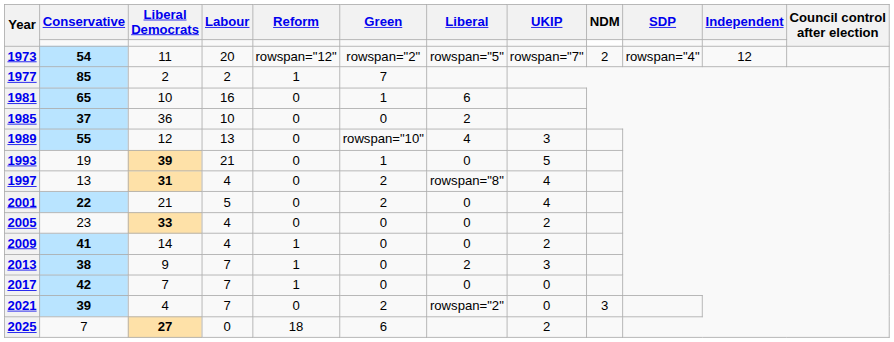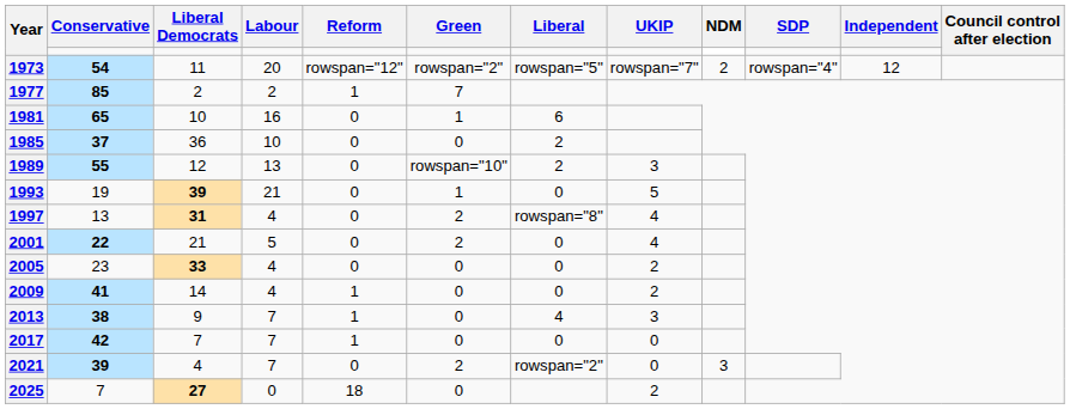 <table class="wikitable plainrowheaders" style="text-align:center">
 <tr>
 <th scope="col" rowspan="2">Year</th>
 <th scope="col"><a href='#'>Conservative</a></th>
 <th scope="col" style="width:1px"><a href='#'>Liberal Democrats</a></th>
 <th scope="col"><a href='#'>Labour</a></th>
 <th scope="col"><a href='#'>Reform</a></th>
 <th scope="col"><a href='#'>Green</a></th>
 <th scope="col"><a href='#'>Liberal</a></th>
 <th scope="col"><a href='#'>UKIP</a></th>
 <th scope="col">NDM</th>
 <th scope="col"><a href='#'>SDP</a></th>
 <th scope="col"><a href='#'>Independent</a></th>
 <th scope="col" rowspan="2" colspan="2">Council control<br>after election</th>
 </tr>
 <tr>
 <td style="background:"></td>
 <td style="background:"></td>
 <td style="background:"></td>
 <td style="background:"></td>
 <td style="background:"></td>
 <td style="background:"></td>
 <td style="background:"></td>
 <td style="background:white"></td>
 <td style="background:"></td>
 <td style="background:"></td>
 </tr>
 <tr>
 <th scope="row"><a href='#'>1973</a></th>
 <td style="background:#B9E4FF;"><strong>54</strong></td>
 <td>11</td>
 <td>20</td>
 <td>rowspan="12" </td>
 <td>rowspan="2" </td>
 <td>rowspan="5" </td>
 <td>rowspan="7" </td>
 <td>2</td>
 <td>rowspan="4" </td>
 <td>12</td>
 <td></td>
 </tr>
 <tr>
 <th scope="row"><a href='#'>1977</a></th>
 <td style="background:#B9E4FF;"><strong>85</strong></td>
 <td>2</td>
 <td>2</td>
 <td>1</td>
 <td>7</td>
 <td></td>
 </tr>
 <tr>
 <th scope="row"><a href='#'>1981</a></th>
 <td style="background:#B9E4FF;"><strong>65</strong></td>
 <td>10</td>
 <td>16</td>
 <td>0</td>
 <td>1</td>
 <td>6</td>
 <td></td>
 </tr>
 <tr>
 <th scope="row"><a href='#'>1985</a></th>
 <td style="background:#B9E4FF;"><strong>37</strong></td>
 <td>36</td>
 <td>10</td>
 <td>0</td>
 <td>0</td>
 <td>2</td>
 <td></td>
 </tr>
 <tr>
 <th scope="row"><a href='#'>1989</a></th>
 <td style="background:#B9E4FF;"><strong>55</strong></td>
 <td>12</td>
 <td>13</td>
 <td>0</td>
 <td>rowspan="10" </td>
-<td>4</td>
+<td>2</td>
 <td>3</td>
 <td></td>
 </tr>
 <tr>
 <th scope="row"><a href='#'>1993</a></th>
 <td>19</td>
 <td style="background:#FEE1A8"><strong>39</strong></td>
 <td>21</td>
 <td>0</td>
 <td>1</td>
 <td>0</td>
 <td>5</td>
 <td></td>
 </tr>
 <tr>
 <th scope="row"><a href='#'>1997</a></th>
 <td>13</td>
 <td style="background:#FEE1A8"><strong>31</strong></td>
 <td>4</td>
 <td>0</td>
 <td>2</td>
 <td>rowspan="8" </td>
 <td>4</td>
 <td></td>
 </tr>
 <tr>
 <th scope="row"><a href='#'>2001</a></th>
 <td style="background:#B9E4FF;"><strong>22</strong></td>
 <td>21</td>
 <td>5</td>
 <td>0</td>
 <td>2</td>
 <td>0</td>
 <td>4</td>
 <td></td>
 </tr>
 <tr>
 <th scope="row"><a href='#'>2005</a></th>
 <td>23</td>
 <td style="background:#FEE1A8"><strong>33</strong></td>
 <td>4</td>
 <td>0</td>
 <td>0</td>
 <td>0</td>
 <td>2</td>
 <td></td>
 </tr>
 <tr>
 <th scope="row"><a href='#'>2009</a></th>
 <td style="background:#B9E4FF;"><strong>41</strong></td>
 <td>14</td>
 <td>4</td>
 <td>1</td>
 <td>0</td>
 <td>0</td>
 <td>2</td>
 <td></td>
 </tr>
 <tr>
 <th scope="row"><a href='#'>2013</a></th>
 <td style="background:#B9E4FF;"><strong>38</strong></td>
 <td>9</td>
 <td>7</td>
 <td>1</td>
 <td>0</td>
-<td>2</td>
+<td>4</td>
 <td>3</td>
 <td></td>
 </tr>
 <tr>
 <th scope="row"><a href='#'>2017</a></th>
 <td style="background:#B9E4FF;"><strong>42</strong></td>
 <td>7</td>
 <td>7</td>
 <td>1</td>
 <td>0</td>
 <td>0</td>
 <td>0</td>
 <td></td>
 </tr>
 <tr>
 <th scope="row"><a href='#'>2021</a></th>
 <td style="background:#B9E4FF;"><strong>39</strong></td>
 <td>4</td>
 <td>7</td>
 <td>0</td>
 <td>2</td>
 <td>rowspan="2" </td>
 <td>0</td>
 <td>3</td>
 <td></td>
 </tr>
 <tr>
 <th scope="row"><a href='#'>2025</a></th>
 <td>7</td>
 <td style="background:#FEE1A8"><strong>27</strong></td>
 <td>0</td>
 <td>18</td>
-<td>6</td>
+<td>0</td>
 <td></td>
 <td>2</td>
 <td></td>
 </tr>
 </table>
